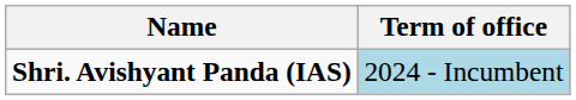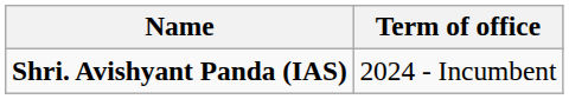 <table class="wikitable">
 <tr>
 <th>Name</th>
 <th>Term of office</th>
 </tr>
 <tr>
 <td><strong>Shri. Avishyant Panda (IAS)</strong></td>
-<td style="background: lightblue;">2024 - Incumbent</td>
+<td>2024 - Incumbent</td>
 </tr>
 </table>
